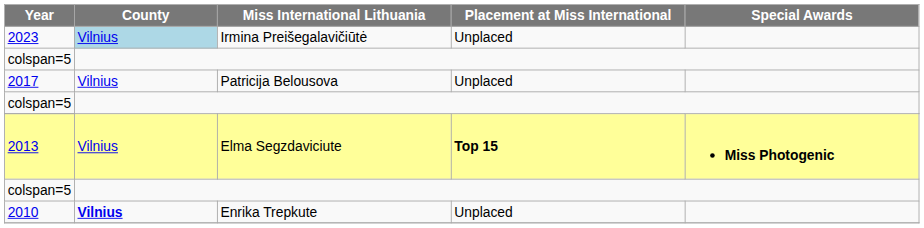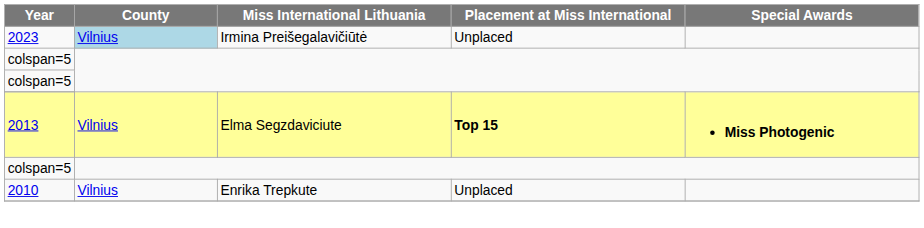 <table class="wikitable " style="font-size: 95%;">
 <tr>
 <th width="60" style="background-color:#787878;color:#FFFFFF;">Year</th>
 <th width="150" style="background-color:#787878;color:#FFFFFF;">County</th>
 <th width="250" style="background-color:#787878;color:#FFFFFF;">Miss International Lithuania</th>
 <th width="250" style="background-color:#787878;color:#FFFFFF;">Placement at Miss International</th>
 <th width="250" style="background-color:#787878;color:#FFFFFF;">Special Awards</th>
 </tr>
 <tr>
 <td><a href='#'>2023</a></td>
 <td style="background: lightblue;"><a href='#'>Vilnius</a></td>
 <td>Irmina Preišegalavičiūtė</td>
 <td>Unplaced</td>
 <td></td>
 </tr>
 <tr>
 <td>colspan=5 </td>
 </tr>
 <tr>
-<td><a href='#'>2017</a></td>
-<td><a href='#'>Vilnius</a></td>
-<td>Patricija Belousova</td>
-<td>Unplaced</td>
-<td></td>
-</tr>
-<tr>
 <td>colspan=5 </td>
 </tr>
 <tr>
 </tr>
 <tr style="background-color:#FFFF99">
 <td><a href='#'>2013</a></td>
 <td><a href='#'>Vilnius</a></td>
 <td>Elma Segzdaviciute</td>
 <td><strong>Top 15</strong></td>
 <td align="left"><br><ul><li><strong>Miss Photogenic</strong></li></ul></td>
 </tr>
 <tr>
 <td>colspan=5 </td>
 </tr>
 <tr>
 <td><a href='#'>2010</a></td>
-<td><strong><a href='#'>Vilnius</a></strong></td>
+<td><a href='#'>Vilnius</a></td>
 <td>Enrika Trepkute</td>
 <td>Unplaced</td>
 <td></td>
 </tr>
 <tr>
 </tr>
 </table>
